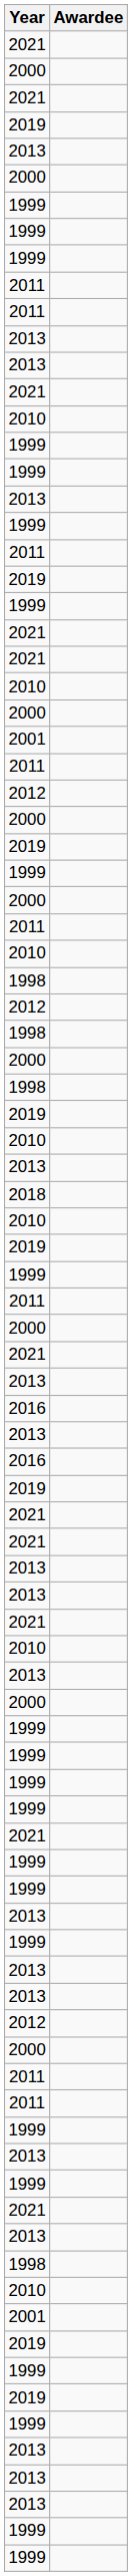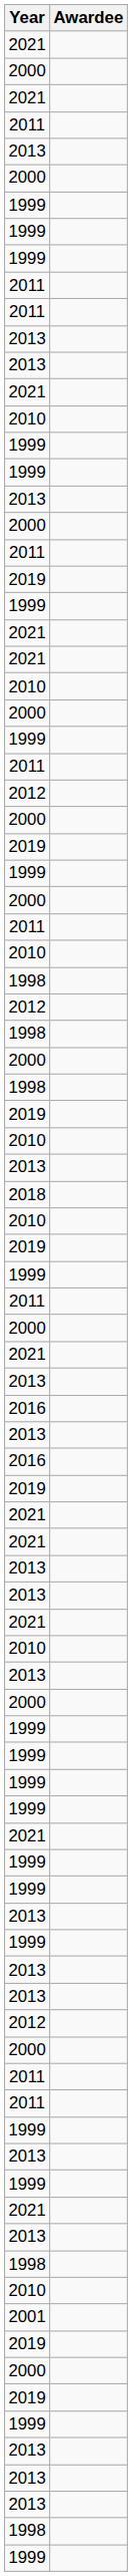 <table class="sortable wikitable">
 <tr>
 <th>Year</th>
 <th>Awardee</th>
 </tr>
 <tr>
 <td align="center">2021</td>
 <td></td>
 </tr>
 <tr>
 <td align="center">2000</td>
 <td></td>
 </tr>
 <tr>
 <td align="center">2021</td>
 <td></td>
 </tr>
 <tr>
-<td align="center">2019</td>
+<td align="center">2011</td>
 <td></td>
 </tr>
 <tr>
 <td align="center">2013</td>
 <td></td>
 </tr>
 <tr>
 <td align="center">2000</td>
 <td></td>
 </tr>
 <tr>
 <td align="center">1999</td>
 <td></td>
 </tr>
 <tr>
 <td align="center">1999</td>
 <td></td>
 </tr>
 <tr>
 <td align="center">1999</td>
 <td></td>
 </tr>
 <tr>
 <td align="center">2011</td>
 <td></td>
 </tr>
 <tr>
 <td align="center">2011</td>
 <td></td>
 </tr>
 <tr>
 <td align="center">2013</td>
 <td></td>
 </tr>
 <tr>
 <td align="center">2013</td>
 <td></td>
 </tr>
 <tr>
 <td align="center">2021</td>
 <td></td>
 </tr>
 <tr>
 <td align="center">2010</td>
 <td></td>
 </tr>
 <tr>
 <td align="center">1999</td>
 <td></td>
 </tr>
 <tr>
 <td align="center">1999</td>
 <td></td>
 </tr>
 <tr>
 <td align="center">2013</td>
 <td></td>
 </tr>
 <tr>
-<td align="center">1999</td>
+<td align="center">2000</td>
 <td></td>
 </tr>
 <tr>
 <td align="center">2011</td>
 <td></td>
 </tr>
 <tr>
 <td align="center">2019</td>
 <td></td>
 </tr>
 <tr>
 <td align="center">1999</td>
 <td></td>
 </tr>
 <tr>
 <td align="center">2021</td>
 <td></td>
 </tr>
 <tr>
 <td align="center">2021</td>
 <td></td>
 </tr>
 <tr>
 <td align="center">2010</td>
 <td></td>
 </tr>
 <tr>
 <td align="center">2000</td>
 <td></td>
 </tr>
 <tr>
-<td align="center">2001</td>
+<td align="center">1999</td>
 <td></td>
 </tr>
 <tr>
 <td align="center">2011</td>
 <td></td>
 </tr>
 <tr>
 <td align="center">2012</td>
 <td></td>
 </tr>
 <tr>
 <td align="center">2000</td>
 <td></td>
 </tr>
 <tr>
 <td align="center">2019</td>
 <td></td>
 </tr>
 <tr>
 <td align="center">1999</td>
 <td></td>
 </tr>
 <tr>
 <td align="center">2000</td>
 <td></td>
 </tr>
 <tr>
 <td align="center">2011</td>
 <td></td>
 </tr>
 <tr>
 <td align="center">2010</td>
 <td></td>
 </tr>
 <tr>
 <td align="center">1998</td>
 <td></td>
 </tr>
 <tr>
 <td align="center">2012</td>
 <td></td>
 </tr>
 <tr>
 <td align="center">1998</td>
 <td></td>
 </tr>
 <tr>
 <td align="center">2000</td>
 <td></td>
 </tr>
 <tr>
 <td align="center">1998</td>
 <td></td>
 </tr>
 <tr>
 <td align="center">2019</td>
 <td></td>
 </tr>
 <tr>
 <td align="center">2010</td>
 <td></td>
 </tr>
 <tr>
 <td align="center">2013</td>
 <td></td>
 </tr>
 <tr>
 <td align="center">2018</td>
 <td></td>
 </tr>
 <tr>
 <td align="center">2010</td>
 <td></td>
 </tr>
 <tr>
 <td align="center">2019</td>
 <td></td>
 </tr>
 <tr>
 <td align="center">1999</td>
 <td></td>
 </tr>
 <tr>
 <td align="center">2011</td>
 <td></td>
 </tr>
 <tr>
 <td align="center">2000</td>
 <td></td>
 </tr>
 <tr>
 <td align="center">2021</td>
 <td></td>
 </tr>
 <tr>
 <td align="center">2013</td>
 <td></td>
 </tr>
 <tr>
 <td align="center">2016</td>
 <td></td>
 </tr>
 <tr>
 <td align="center">2013</td>
 <td></td>
 </tr>
 <tr>
 <td align="center">2016</td>
 <td></td>
 </tr>
 <tr>
 <td align="center">2019</td>
 <td></td>
 </tr>
 <tr>
 <td align="center">2021</td>
 <td></td>
 </tr>
 <tr>
 <td align="center">2021</td>
 <td></td>
 </tr>
 <tr>
 <td align="center">2013</td>
 <td></td>
 </tr>
 <tr>
 <td align="center">2013</td>
 <td></td>
 </tr>
 <tr>
 <td align="center">2021</td>
 <td></td>
 </tr>
 <tr>
 <td align="center">2010</td>
 <td></td>
 </tr>
 <tr>
 <td align="center">2013</td>
 <td></td>
 </tr>
 <tr>
 <td align="center">2000</td>
 <td></td>
 </tr>
 <tr>
 <td align="center">1999</td>
 <td></td>
 </tr>
 <tr>
 <td align="center">1999</td>
 <td></td>
 </tr>
 <tr>
 <td align="center">1999</td>
 <td></td>
 </tr>
 <tr>
 <td align="center">1999</td>
 <td></td>
 </tr>
 <tr>
 <td align="center">2021</td>
 <td></td>
 </tr>
 <tr>
 <td align="center">1999</td>
 <td></td>
 </tr>
 <tr>
 <td align="center">1999</td>
 <td></td>
 </tr>
 <tr>
 <td align="center">2013</td>
 <td></td>
 </tr>
 <tr>
 <td align="center">1999</td>
 <td></td>
 </tr>
 <tr>
 <td align="center">2013</td>
 <td></td>
 </tr>
 <tr>
 <td align="center">2013</td>
 <td></td>
 </tr>
 <tr>
 <td align="center">2012</td>
 <td></td>
 </tr>
 <tr>
 <td align="center">2000</td>
 <td></td>
 </tr>
 <tr>
 <td align="center">2011</td>
 <td></td>
 </tr>
 <tr>
 <td align="center">2011</td>
 <td></td>
 </tr>
 <tr>
 <td align="center">1999</td>
 <td></td>
 </tr>
 <tr>
 <td align="center">2013</td>
 <td></td>
 </tr>
 <tr>
 <td align="center">1999</td>
 <td></td>
 </tr>
 <tr>
 <td align="center">2021</td>
 <td></td>
 </tr>
 <tr>
 <td align="center">2013</td>
 <td></td>
 </tr>
 <tr>
 <td align="center">1998</td>
 <td></td>
 </tr>
 <tr>
 <td align="center">2010</td>
 <td></td>
 </tr>
 <tr>
 <td align="center">2001</td>
 <td></td>
 </tr>
 <tr>
 <td align="center">2019</td>
 <td></td>
 </tr>
 <tr>
-<td align="center">1999</td>
+<td align="center">2000</td>
 <td></td>
 </tr>
 <tr>
 <td align="center">2019</td>
 <td></td>
 </tr>
 <tr>
 <td align="center">1999</td>
 <td></td>
 </tr>
 <tr>
 <td align="center">2013</td>
 <td></td>
 </tr>
 <tr>
 <td align="center">2013</td>
 <td></td>
 </tr>
 <tr>
 <td align="center">2013</td>
 <td></td>
 </tr>
 <tr>
-<td align="center">1999</td>
+<td align="center">1998</td>
 <td></td>
 </tr>
 <tr>
 <td align="center">1999</td>
 <td></td>
 </tr>
 </table>
